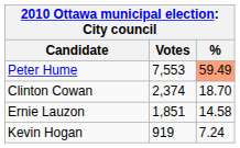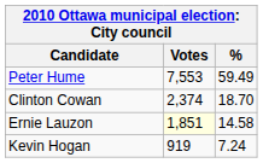 <table class="wikitable">
 <tr>
 <th colspan="3"><a href='#'>2010 Ottawa municipal election</a>: City council</th>
 </tr>
 <tr>
 <th style="width: 170px">Candidate</th>
 <th style="width: 50px">Votes</th>
 <th style="width: 40px">%</th>
 </tr>
 <tr>
 <td><a href='#'>Peter Hume</a></td>
 <td>7,553</td>
-<td style="background: lightsalmon;">59.49</td>
+<td>59.49</td>
 </tr>
 <tr>
 <td>Clinton Cowan</td>
 <td>2,374</td>
 <td>18.70</td>
 </tr>
 <tr>
 <td>Ernie Lauzon</td>
-<td>1,851</td>
+<td style="background: lightyellow;">1,851</td>
 <td>14.58</td>
 </tr>
 <tr>
 <td>Kevin Hogan</td>
 <td>919</td>
 <td>7.24</td>
 </tr>
 </table>
